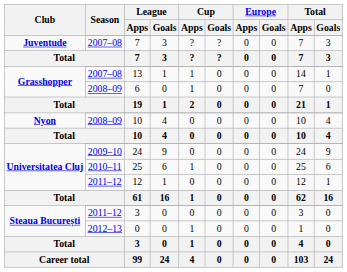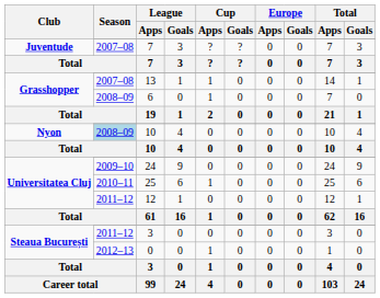 <table class="wikitable" style="font-size:100%; text-align: center;">
 <tr>
 <th rowspan="2">Club</th>
 <th rowspan="2">Season</th>
 <th colspan="2">League</th>
 <th colspan="2">Cup</th>
 <th colspan="2"><a href='#'>Europe</a></th>
 <th colspan="2">Total</th>
 </tr>
 <tr>
 <th>Apps</th>
 <th>Goals</th>
 <th>Apps</th>
 <th>Goals</th>
 <th>Apps</th>
 <th>Goals</th>
 <th>Apps</th>
 <th>Goals</th>
 </tr>
 <tr>
 <td rowspan="2" valign="center"><strong><a href='#'>Juventude</a></strong></td>
 </tr>
 <tr>
 <td><a href='#'>2007–08</a></td>
 <td>7</td>
 <td>3</td>
 <td>?</td>
 <td>?</td>
 <td>0</td>
 <td>0</td>
 <td>7</td>
 <td>3</td>
 </tr>
 <tr>
 <th colspan="2">Total</th>
 <th>7</th>
 <th>3</th>
 <th>?</th>
 <th>?</th>
 <th>0</th>
 <th>0</th>
 <th>7</th>
 <th>3</th>
 </tr>
 <tr>
 <td rowspan="3" valign="center"><strong><a href='#'>Grasshopper</a></strong></td>
 </tr>
 <tr>
 <td><a href='#'>2007–08</a></td>
 <td>13</td>
 <td>1</td>
 <td>1</td>
 <td>0</td>
 <td>0</td>
 <td>0</td>
 <td>14</td>
 <td>1</td>
 </tr>
 <tr>
 <td><a href='#'>2008–09</a></td>
 <td>6</td>
 <td>0</td>
 <td>1</td>
 <td>0</td>
 <td>0</td>
 <td>0</td>
 <td>7</td>
 <td>0</td>
 </tr>
 <tr>
 <th colspan="2">Total</th>
 <th>19</th>
 <th>1</th>
 <th>2</th>
 <th>0</th>
 <th>0</th>
 <th>0</th>
 <th>21</th>
 <th>1</th>
 </tr>
 <tr>
 <td rowspan="2" valign="center"><strong><a href='#'>Nyon</a></strong></td>
 </tr>
 <tr>
-<td><a href='#'>2008–09</a></td>
+<td style="background: lightblue;"><a href='#'>2008–09</a></td>
 <td>10</td>
 <td>4</td>
 <td>0</td>
 <td>0</td>
 <td>0</td>
 <td>0</td>
 <td>10</td>
 <td>4</td>
 </tr>
 <tr>
 <th colspan="2">Total</th>
 <th>10</th>
 <th>4</th>
 <th>0</th>
 <th>0</th>
 <th>0</th>
 <th>0</th>
 <th>10</th>
 <th>4</th>
 </tr>
 <tr>
 <td rowspan="4" valign="center"><strong><a href='#'>Universitatea Cluj</a></strong></td>
 </tr>
 <tr>
 <td><a href='#'>2009–10</a></td>
 <td>24</td>
 <td>9</td>
 <td>0</td>
 <td>0</td>
 <td>0</td>
 <td>0</td>
 <td>24</td>
 <td>9</td>
 </tr>
 <tr>
 <td><a href='#'>2010–11</a></td>
 <td>25</td>
 <td>6</td>
 <td>1</td>
 <td>0</td>
 <td>0</td>
 <td>0</td>
 <td>25</td>
 <td>6</td>
 </tr>
 <tr>
 <td><a href='#'>2011–12</a></td>
 <td>12</td>
 <td>1</td>
 <td>0</td>
 <td>0</td>
 <td>0</td>
 <td>0</td>
 <td>12</td>
 <td>1</td>
 </tr>
 <tr>
 <th colspan="2">Total</th>
 <th>61</th>
 <th>16</th>
 <th>1</th>
 <th>0</th>
 <th>0</th>
 <th>0</th>
 <th>62</th>
 <th>16</th>
 </tr>
 <tr>
 <td rowspan="3" valign="center"><strong><a href='#'>Steaua București</a></strong></td>
 </tr>
 <tr>
 <td><a href='#'>2011–12</a></td>
 <td>3</td>
 <td>0</td>
 <td>0</td>
 <td>0</td>
 <td>0</td>
 <td>0</td>
 <td>3</td>
 <td>0</td>
 </tr>
 <tr>
 <td><a href='#'>2012–13</a></td>
 <td>0</td>
 <td>0</td>
 <td>1</td>
 <td>0</td>
 <td>0</td>
 <td>0</td>
 <td>1</td>
 <td>0</td>
 </tr>
 <tr>
 <th colspan="2">Total</th>
 <th>3</th>
 <th>0</th>
 <th>1</th>
 <th>0</th>
 <th>0</th>
 <th>0</th>
 <th>4</th>
 <th>0</th>
 </tr>
 <tr>
 <th colspan="2">Career total</th>
 <th>99</th>
 <th>24</th>
 <th>4</th>
 <th>0</th>
 <th>0</th>
 <th>0</th>
 <th>103</th>
 <th>24</th>
 </tr>
 </table>
